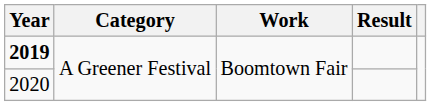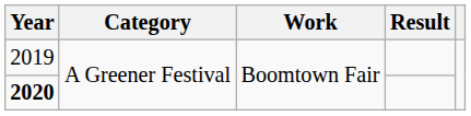 <table class="wikitable">
 <tr>
 <th>Year</th>
 <th>Category</th>
 <th>Work</th>
 <th>Result</th>
 <th></th>
 </tr>
 <tr>
-<td><strong>2019</strong></td>
+<td>2019</td>
 <td rowspan="2">A Greener Festival</td>
 <td rowspan="2">Boomtown Fair</td>
 <td></td>
 <td rowspan="2"></td>
 </tr>
 <tr>
-<td>2020</td>
+<td><strong>2020</strong></td>
 <td></td>
 </tr>
 </table>
